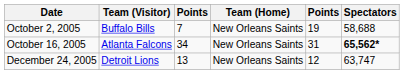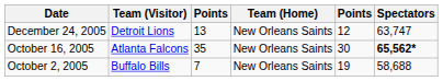 <table class="wikitable" style=font-size:100% style="text-align:center">
 <tr>
 <th style="text-align:center;">Date</th>
 <th style="text-align:center;">Team (Visitor)</th>
 <th style="text-align:center;">Points</th>
 <th style="text-align:center;">Team (Home)</th>
 <th style="text-align:center;">Points</th>
 <th style="text-align:center;">Spectators</th>
 </tr>
 <tr>
+<td>December 24, 2005</td>
+<td><a href='#'>Detroit Lions</a></td>
+<td>13</td>
+<td>New Orleans Saints</td>
+<td>12</td>
+<td>63,747</td>
+</tr>
+<tr>
+<td>October 16, 2005</td>
+<td><a href='#'>Atlanta Falcons</a></td>
+<td>35</td>
+<td>New Orleans Saints</td>
+<td>30</td>
+<td><strong>65,562* </strong></td>
+</tr>
+<tr>
 <td>October 2, 2005</td>
 <td><a href='#'>Buffalo Bills</a></td>
 <td>7</td>
 <td>New Orleans Saints</td>
 <td>19</td>
 <td>58,688</td>
 </tr>
-<tr>
-<td>October 16, 2005</td>
-<td><a href='#'>Atlanta Falcons</a></td>
-<td>34</td>
-<td>New Orleans Saints</td>
-<td>31</td>
-<td><strong>65,562* </strong></td>
-</tr>
-<tr>
-<td>December 24, 2005</td>
-<td><a href='#'>Detroit Lions</a></td>
-<td>13</td>
-<td>New Orleans Saints</td>
-<td>12</td>
-<td>63,747</td>
-</tr>
 </table>
